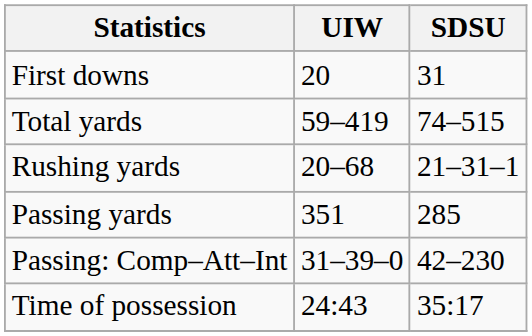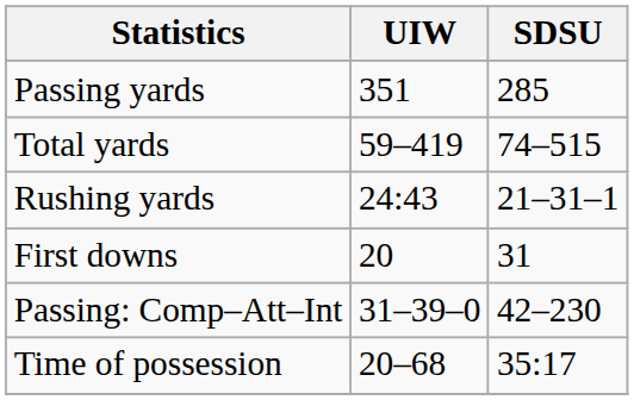 <table class="wikitable" style="float: left;">
 <tr>
 <th>Statistics</th>
 <th>UIW</th>
 <th>SDSU</th>
 </tr>
 <tr>
-<td>First downs</td>
-<td>20</td>
-<td>31</td>
+<td>Passing yards</td>
+<td>351</td>
+<td>285</td>
 </tr>
 <tr>
 <td>Total yards</td>
 <td>59–419</td>
 <td>74–515</td>
 </tr>
 <tr>
 <td>Rushing yards</td>
-<td>20–68</td>
+<td>24:43</td>
 <td>21–31–1</td>
 </tr>
 <tr>
-<td>Passing yards</td>
-<td>351</td>
-<td>285</td>
+<td>First downs</td>
+<td>20</td>
+<td>31</td>
 </tr>
 <tr>
 <td>Passing: Comp–Att–Int</td>
 <td>31–39–0</td>
 <td>42–230</td>
 </tr>
 <tr>
 <td>Time of possession</td>
-<td>24:43</td>
+<td>20–68</td>
 <td>35:17</td>
 </tr>
 <tr>
 </tr>
 </table>
